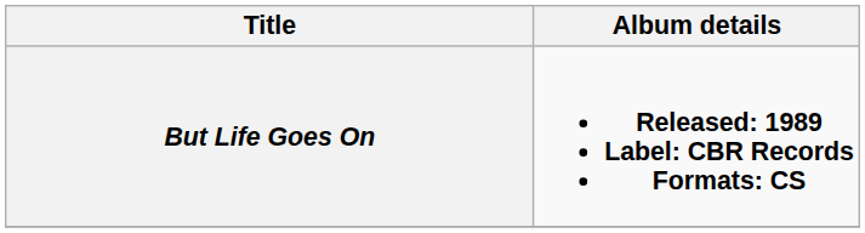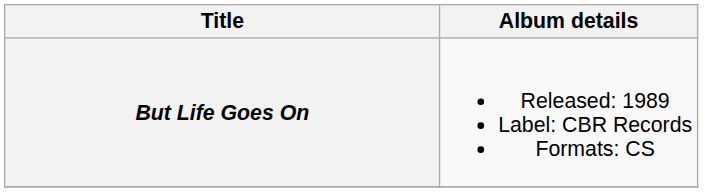 <table class="wikitable plainrowheaders" style="text-align:center;">
 <tr>
 <th scope="col" style="width:20em;">Title</th>
 <th scope="col">Album details</th>
 </tr>
 <tr>
 <th scope="row"><em>But Life Goes On</em></th>
-<td><strong><br><ul><li>Released: 1989</li><li>Label: CBR Records</li><li>Formats: CS</li></ul></strong></td>
+<td><br><ul><li>Released: 1989</li><li>Label: CBR Records</li><li>Formats: CS</li></ul></td>
 </tr>
 <tr>
 </tr>
 </table>
